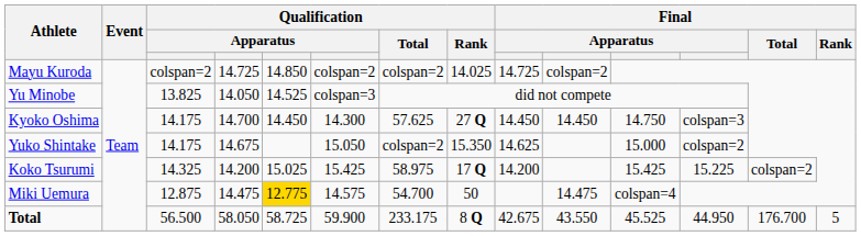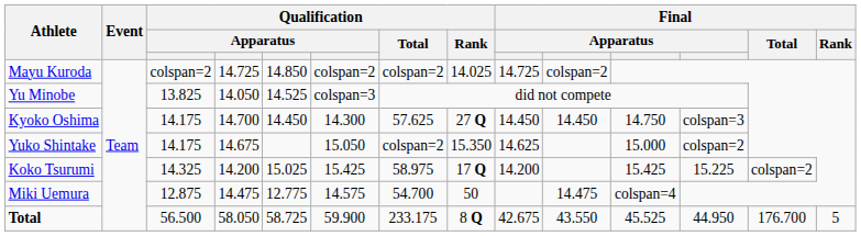 <table class="wikitable" style="font-size:90%">
 <tr>
 <th rowspan=3>Athlete</th>
 <th rowspan=3>Event</th>
 <th colspan=6>Qualification</th>
 <th colspan=6>Final</th>
 </tr>
 <tr style="font-size:95%">
 <th colspan=4>Apparatus</th>
 <th rowspan=2>Total</th>
 <th rowspan=2>Rank</th>
 <th colspan=4>Apparatus</th>
 <th rowspan=2>Total</th>
 <th rowspan=2>Rank</th>
 </tr>
 <tr style="font-size:95%">
 <th></th>
 <th></th>
 <th></th>
 <th></th>
 <th></th>
 <th></th>
 <th></th>
 <th></th>
 </tr>
 <tr align=center>
 <td align=left><a href='#'>Mayu Kuroda</a></td>
 <td align=left rowspan=7><a href='#'>Team</a></td>
 <td>colspan=2 </td>
 <td>14.725</td>
 <td>14.850</td>
 <td>colspan=2 </td>
 <td>colspan=2 </td>
 <td>14.025</td>
 <td>14.725</td>
 <td>colspan=2 </td>
 </tr>
 <tr align=center>
 <td align=left><a href='#'>Yu Minobe</a></td>
 <td>13.825</td>
 <td>14.050</td>
 <td>14.525</td>
 <td>colspan=3 </td>
 <td colspan=6>did not compete</td>
 </tr>
 <tr align=center>
 <td align=left><a href='#'>Kyoko Oshima</a></td>
 <td>14.175</td>
 <td>14.700</td>
 <td>14.450</td>
 <td>14.300</td>
 <td>57.625</td>
 <td>27 <strong>Q</strong></td>
 <td>14.450</td>
 <td>14.450</td>
 <td>14.750</td>
 <td>colspan=3 </td>
 </tr>
 <tr align=center>
 <td align=left><a href='#'>Yuko Shintake</a></td>
 <td>14.175</td>
 <td>14.675</td>
 <td></td>
 <td>15.050</td>
 <td>colspan=2 </td>
 <td>15.350</td>
 <td>14.625</td>
 <td></td>
 <td>15.000</td>
 <td>colspan=2 </td>
 </tr>
 <tr align=center>
 <td align=left><a href='#'>Koko Tsurumi</a></td>
 <td>14.325</td>
 <td>14.200</td>
 <td>15.025</td>
 <td>15.425</td>
 <td>58.975</td>
 <td>17 <strong>Q</strong></td>
 <td>14.200</td>
 <td></td>
 <td>15.425</td>
 <td>15.225</td>
 <td>colspan=2 </td>
 </tr>
 <tr align=center>
 <td align=left><a href='#'>Miki Uemura</a></td>
 <td>12.875</td>
 <td>14.475</td>
-<td style="background: gold;">12.775</td>
+<td>12.775</td>
 <td>14.575</td>
 <td>54.700</td>
 <td>50</td>
 <td></td>
 <td>14.475</td>
 <td>colspan=4 </td>
 </tr>
 <tr align=center>
 <td align=left><strong>Total</strong></td>
 <td>56.500</td>
 <td>58.050</td>
 <td>58.725</td>
 <td>59.900</td>
 <td>233.175</td>
 <td>8 <strong>Q</strong></td>
 <td>42.675</td>
 <td>43.550</td>
 <td>45.525</td>
 <td>44.950</td>
 <td>176.700</td>
 <td>5</td>
 </tr>
 </table>
